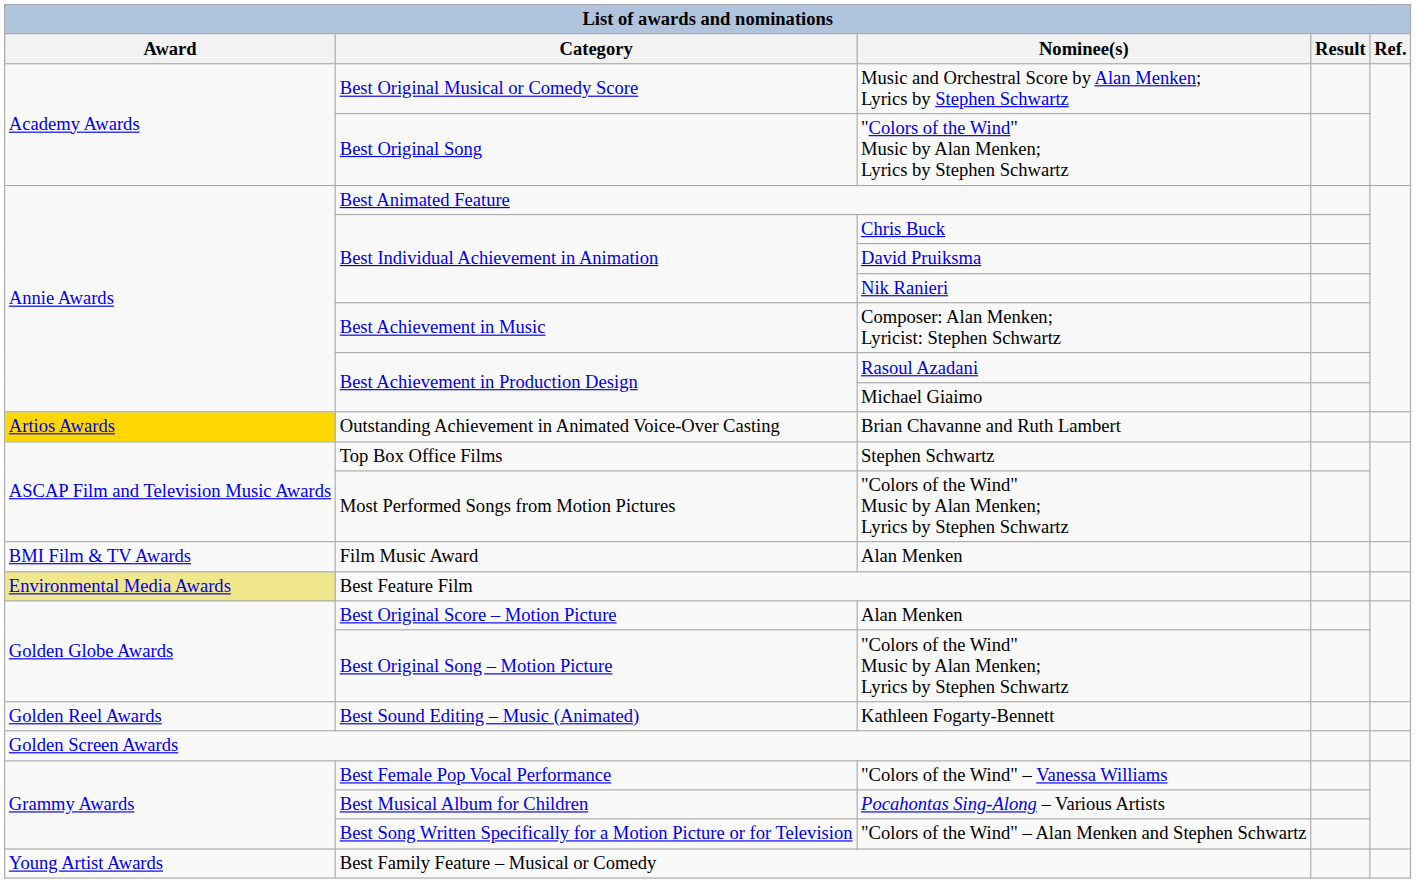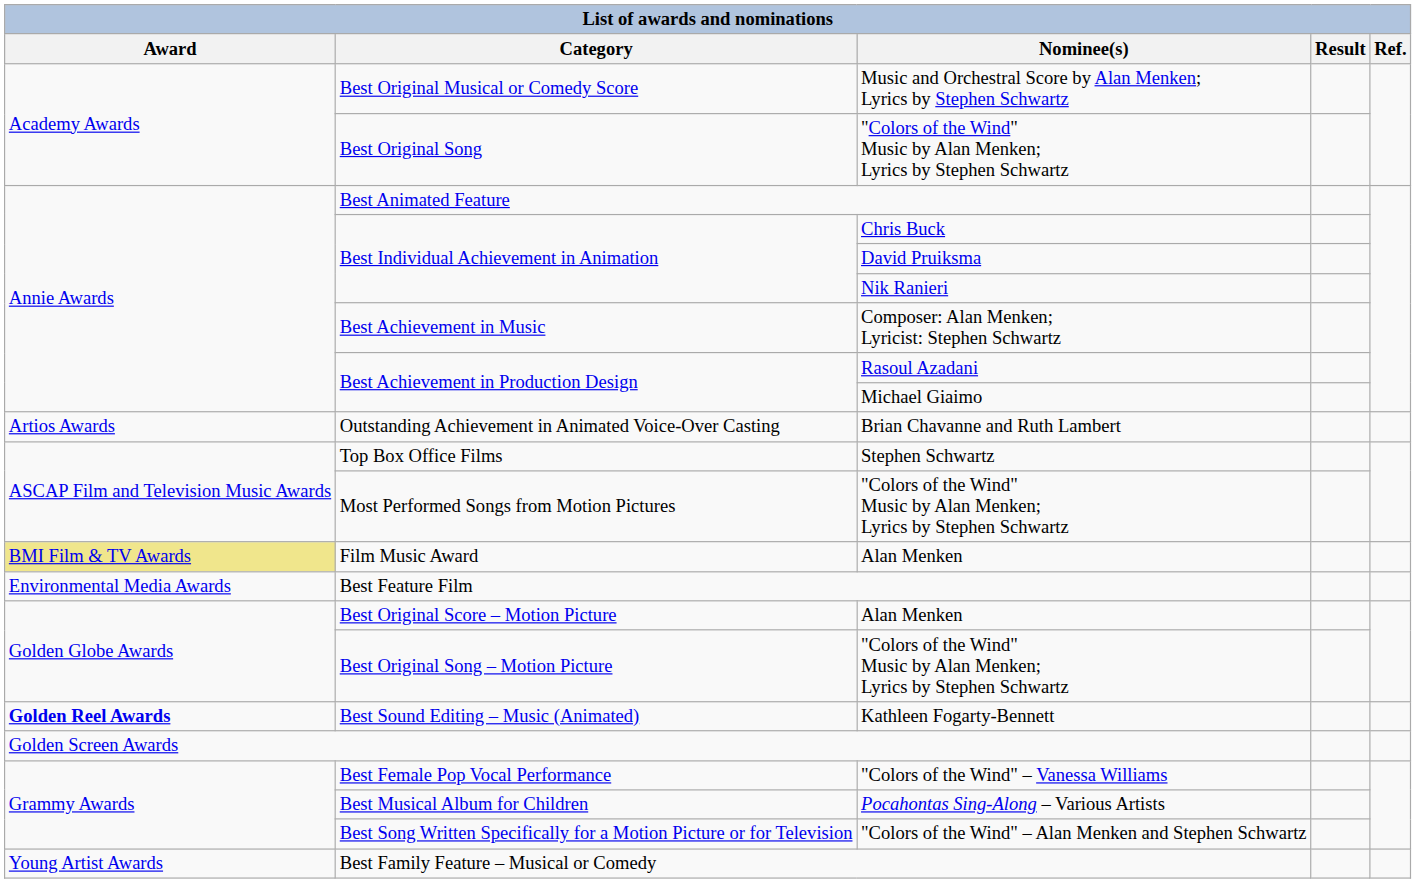 <table class="wikitable plainrowheaders">
 <tr style="background:#ccc; text-align:center;">
 <th colspan="6" style="background: LightSteelBlue;">List of awards and nominations</th>
 </tr>
 <tr style="background:#ccc; text-align:center;">
 <th>Award</th>
 <th>Category</th>
 <th>Nominee(s)</th>
 <th>Result</th>
 <th>Ref.</th>
 </tr>
 <tr>
 <td rowspan="2"><a href='#'>Academy Awards</a></td>
 <td><a href='#'>Best Original Musical or Comedy Score</a></td>
 <td>Music and Orchestral Score by <a href='#'>Alan Menken</a>; <br> Lyrics by <a href='#'>Stephen Schwartz</a></td>
 <td></td>
 <td rowspan="2" style="text-align:center;"></td>
 </tr>
 <tr>
 <td><a href='#'>Best Original Song</a></td>
 <td>"<a href='#'>Colors of the Wind</a>" <br> Music by Alan Menken; <br> Lyrics by Stephen Schwartz</td>
 <td></td>
 </tr>
 <tr>
 <td rowspan="7"><a href='#'>Annie Awards</a></td>
 <td colspan="2"><a href='#'>Best Animated Feature</a></td>
 <td></td>
 <td rowspan="7" style="text-align:center;"></td>
 </tr>
 <tr>
 <td rowspan="3"><a href='#'>Best Individual Achievement in Animation</a></td>
 <td><a href='#'>Chris Buck</a> </td>
 <td></td>
 </tr>
 <tr>
 <td><a href='#'>David Pruiksma</a> </td>
 <td></td>
 </tr>
 <tr>
 <td><a href='#'>Nik Ranieri</a> </td>
 <td></td>
 </tr>
 <tr>
 <td><a href='#'>Best Achievement in Music</a></td>
 <td>Composer: Alan Menken; <br> Lyricist: Stephen Schwartz</td>
 <td></td>
 </tr>
 <tr>
 <td rowspan="2"><a href='#'>Best Achievement in Production Design</a></td>
 <td><a href='#'>Rasoul Azadani</a> </td>
 <td></td>
 </tr>
 <tr>
 <td>Michael Giaimo </td>
 <td></td>
 </tr>
 <tr>
-<td style="background: gold;"><a href='#'>Artios Awards</a></td>
+<td><a href='#'>Artios Awards</a></td>
 <td>Outstanding Achievement in Animated Voice-Over Casting</td>
 <td>Brian Chavanne and Ruth Lambert</td>
 <td></td>
 <td style="text-align:center;"></td>
 </tr>
 <tr>
 <td rowspan="2"><a href='#'>ASCAP Film and Television Music Awards</a></td>
 <td>Top Box Office Films</td>
 <td>Stephen Schwartz</td>
 <td></td>
 <td rowspan="2" style="text-align:center;"></td>
 </tr>
 <tr>
 <td>Most Performed Songs from Motion Pictures</td>
 <td>"Colors of the Wind" <br> Music by Alan Menken; <br> Lyrics by Stephen Schwartz</td>
 <td></td>
 </tr>
 <tr>
-<td><a href='#'>BMI Film & TV Awards</a></td>
+<td style="background: khaki;"><a href='#'>BMI Film & TV Awards</a></td>
 <td>Film Music Award</td>
 <td>Alan Menken</td>
 <td></td>
 <td style="text-align:center;"></td>
 </tr>
 <tr>
-<td style="background: khaki;"><a href='#'>Environmental Media Awards</a></td>
+<td><a href='#'>Environmental Media Awards</a></td>
 <td colspan="2">Best Feature Film</td>
 <td></td>
 <td style="text-align:center;"></td>
 </tr>
 <tr>
 <td rowspan="2"><a href='#'>Golden Globe Awards</a></td>
 <td><a href='#'>Best Original Score – Motion Picture</a></td>
 <td>Alan Menken</td>
 <td></td>
 <td rowspan="2" style="text-align:center;"></td>
 </tr>
 <tr>
 <td><a href='#'>Best Original Song – Motion Picture</a></td>
 <td>"Colors of the Wind" <br> Music by Alan Menken; <br> Lyrics by Stephen Schwartz</td>
 <td></td>
 </tr>
 <tr>
-<td><a href='#'>Golden Reel Awards</a></td>
+<td><strong><a href='#'>Golden Reel Awards</a></strong></td>
 <td><a href='#'>Best Sound Editing – Music (Animated)</a></td>
 <td>Kathleen Fogarty-Bennett</td>
 <td></td>
 <td style="text-align:center;"></td>
 </tr>
 <tr>
 <td colspan="3"><a href='#'>Golden Screen Awards</a></td>
 <td></td>
 <td style="text-align:center;"></td>
 </tr>
 <tr>
 <td rowspan="3"><a href='#'>Grammy Awards</a></td>
 <td><a href='#'>Best Female Pop Vocal Performance</a></td>
 <td>"Colors of the Wind" – <a href='#'>Vanessa Williams</a></td>
 <td></td>
 <td rowspan="3" style="text-align:center;"></td>
 </tr>
 <tr>
 <td><a href='#'>Best Musical Album for Children</a></td>
 <td><em><a href='#'>Pocahontas Sing-Along</a></em> – Various Artists</td>
 <td></td>
 </tr>
 <tr>
 <td><a href='#'>Best Song Written Specifically for a Motion Picture or for Television</a></td>
 <td>"Colors of the Wind" – Alan Menken and Stephen Schwartz</td>
 <td></td>
 </tr>
 <tr>
 <td><a href='#'>Young Artist Awards</a></td>
 <td colspan="2">Best Family Feature – Musical or Comedy</td>
 <td></td>
 <td style="text-align:center;"></td>
 </tr>
 </table>
